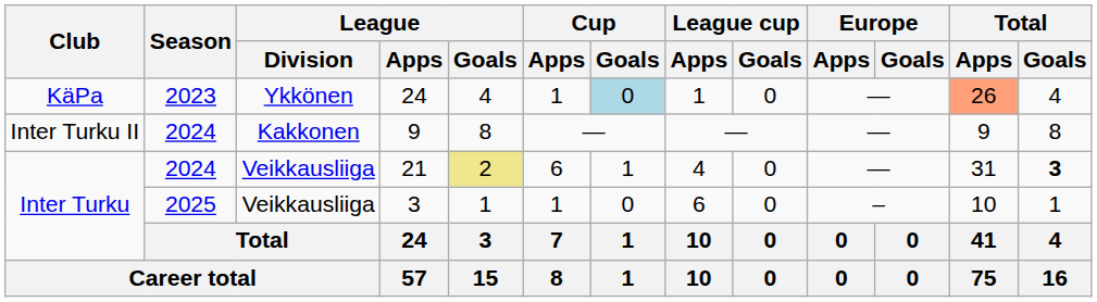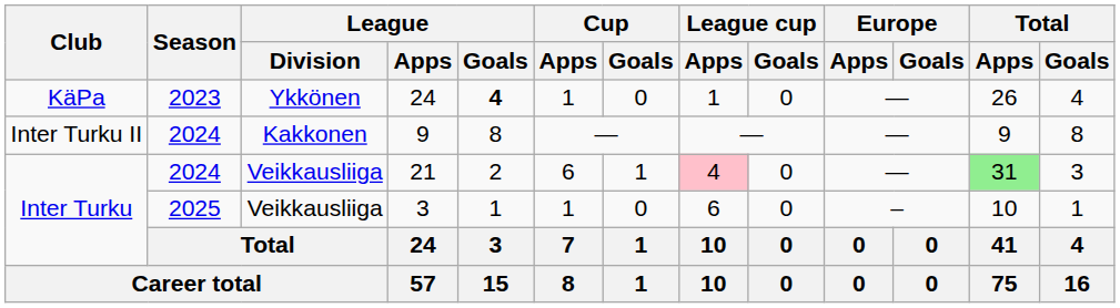 <table class="wikitable" style="text-align:center">
 <tr>
 <th rowspan="2">Club</th>
 <th rowspan="2">Season</th>
 <th colspan="3">League</th>
 <th colspan="2">Cup</th>
 <th colspan="2">League cup</th>
 <th colspan="2">Europe</th>
 <th colspan="2">Total</th>
 </tr>
 <tr>
 <th>Division</th>
 <th>Apps</th>
 <th>Goals</th>
 <th>Apps</th>
 <th>Goals</th>
 <th>Apps</th>
 <th>Goals</th>
 <th>Apps</th>
 <th>Goals</th>
 <th>Apps</th>
 <th>Goals</th>
 </tr>
 <tr>
 <td><a href='#'>KäPa</a></td>
 <td><a href='#'>2023</a></td>
 <td><a href='#'>Ykkönen</a></td>
 <td>24</td>
-<td>4</td>
+<td><strong>4</strong></td>
 <td>1</td>
-<td style="background: lightblue;">0</td>
+<td>0</td>
 <td>1</td>
 <td>0</td>
 <td colspan="2">—</td>
-<td style="background: lightsalmon;">26</td>
+<td>26</td>
 <td>4</td>
 </tr>
 <tr>
 <td rowspan="1">Inter Turku II</td>
 <td><a href='#'>2024</a></td>
 <td><a href='#'>Kakkonen</a></td>
 <td>9</td>
 <td>8</td>
 <td colspan="2">—</td>
 <td colspan="2">—</td>
 <td colspan="2">—</td>
 <td>9</td>
 <td>8</td>
 </tr>
 <tr>
 <td rowspan="3"><a href='#'>Inter Turku</a></td>
 <td><a href='#'>2024</a></td>
 <td><a href='#'>Veikkausliiga</a></td>
 <td>21</td>
-<td style="background: khaki;">2</td>
+<td>2</td>
 <td>6</td>
 <td>1</td>
-<td>4</td>
+<td style="background: pink;">4</td>
 <td>0</td>
 <td colspan="2">—</td>
-<td>31</td>
-<td><strong>3</strong></td>
+<td style="background: lightgreen;">31</td>
+<td>3</td>
 </tr>
 <tr>
 <td><a href='#'>2025</a></td>
 <td>Veikkausliiga</td>
 <td>3</td>
 <td>1</td>
 <td>1</td>
 <td>0</td>
 <td>6</td>
 <td>0</td>
 <td colspan=2>–</td>
 <td>10</td>
 <td>1</td>
 </tr>
 <tr>
 <th colspan=2>Total</th>
 <th>24</th>
 <th>3</th>
 <th>7</th>
 <th>1</th>
 <th>10</th>
 <th>0</th>
 <th>0</th>
 <th>0</th>
 <th>41</th>
 <th>4</th>
 </tr>
 <tr>
 <th colspan="3">Career total</th>
 <th>57</th>
 <th>15</th>
 <th>8</th>
 <th>1</th>
 <th>10</th>
 <th>0</th>
 <th>0</th>
 <th>0</th>
 <th>75</th>
 <th>16</th>
 </tr>
 </table>
